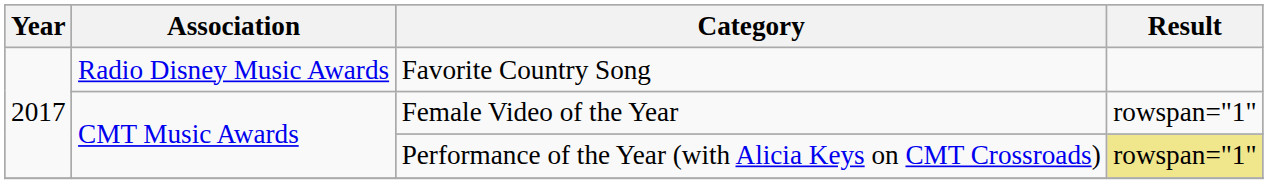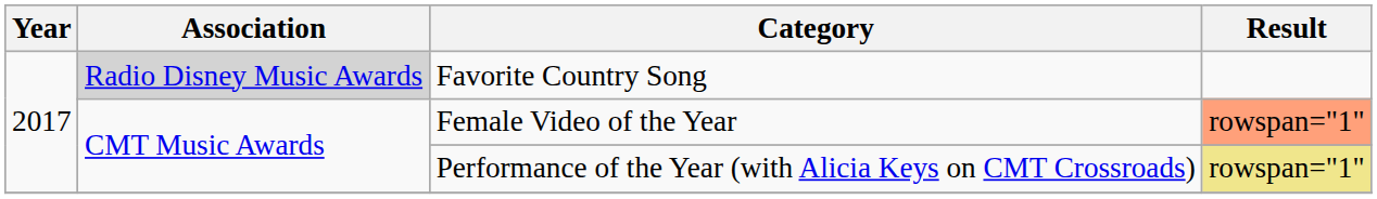 <table class="wikitable plainrowheaders">
 <tr>
 <th>Year</th>
 <th>Association</th>
 <th>Category</th>
 <th>Result</th>
 </tr>
 <tr>
 <td rowspan="3">2017</td>
-<td rowspan="1"><a href='#'>Radio Disney Music Awards</a></td>
+<td rowspan="1" style="background: lightgrey;"><a href='#'>Radio Disney Music Awards</a></td>
 <td>Favorite Country Song</td>
 <td></td>
 </tr>
 <tr>
 <td rowspan="2"><a href='#'>CMT Music Awards</a></td>
 <td>Female Video of the Year</td>
-<td>rowspan="1" </td>
+<td style="background: lightsalmon;">rowspan="1" </td>
 </tr>
 <tr>
 <td>Performance of the Year (with <a href='#'>Alicia Keys</a> on <a href='#'>CMT Crossroads</a>)</td>
 <td style="background: khaki;">rowspan="1" </td>
 </tr>
 <tr>
 </tr>
 </table>
